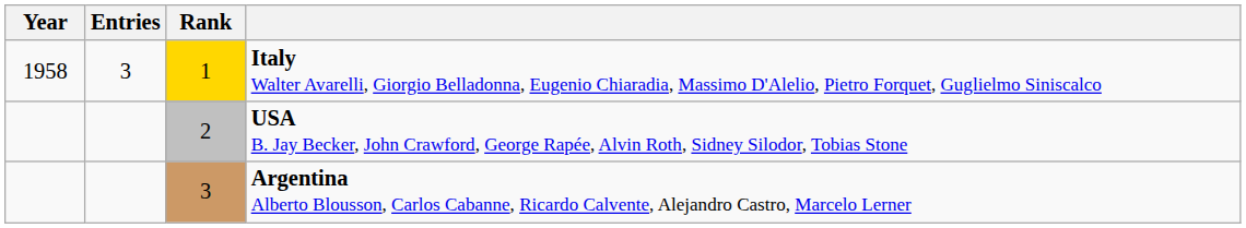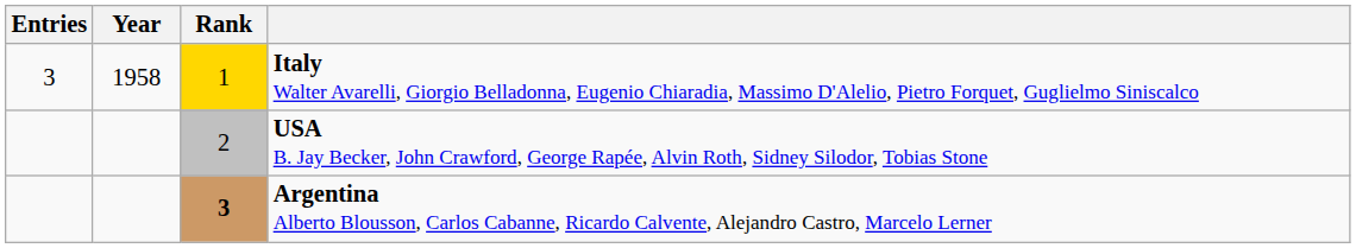 <table class="wikitable" style="width:100%; text-align:center;">
 <tr>
+<th>Entries</th>
 <th>Year</th>
-<th>Entries</th>
 <th>Rank</th>
 <th></th>
 </tr>
 <tr>
+<td align=center width=50>3</td>
 <td width=50>1958</td>
-<td align=center width=50>3</td>
 <td style="background:gold; width:50px;">1</td>
 <td align=left> <strong>Italy</strong><br><small><a href='#'>Walter Avarelli</a>, <a href='#'>Giorgio Belladonna</a>, <a href='#'>Eugenio Chiaradia</a>, <a href='#'>Massimo D'Alelio</a>, <a href='#'>Pietro Forquet</a>, <a href='#'>Guglielmo Siniscalco</a></small></td>
 </tr>
 <tr>
 <td></td>
 <td></td>
 <td style="background:silver;">2</td>
 <td align=left> <strong>USA</strong><br><small><a href='#'>B. Jay Becker</a>, <a href='#'>John Crawford</a>, <a href='#'>George Rapée</a>, <a href='#'>Alvin Roth</a>, <a href='#'>Sidney Silodor</a>, <a href='#'>Tobias Stone</a></small></td>
 </tr>
 <tr>
 <td></td>
 <td></td>
-<td style="background:#c96;">3</td>
+<td style="background:#c96;"><strong>3</strong></td>
 <td align=left> <strong>Argentina</strong><br><small><a href='#'>Alberto Blousson</a>, <a href='#'>Carlos Cabanne</a>, <a href='#'>Ricardo Calvente</a>, Alejandro Castro, <a href='#'>Marcelo Lerner</a></small></td>
 </tr>
 </table>
